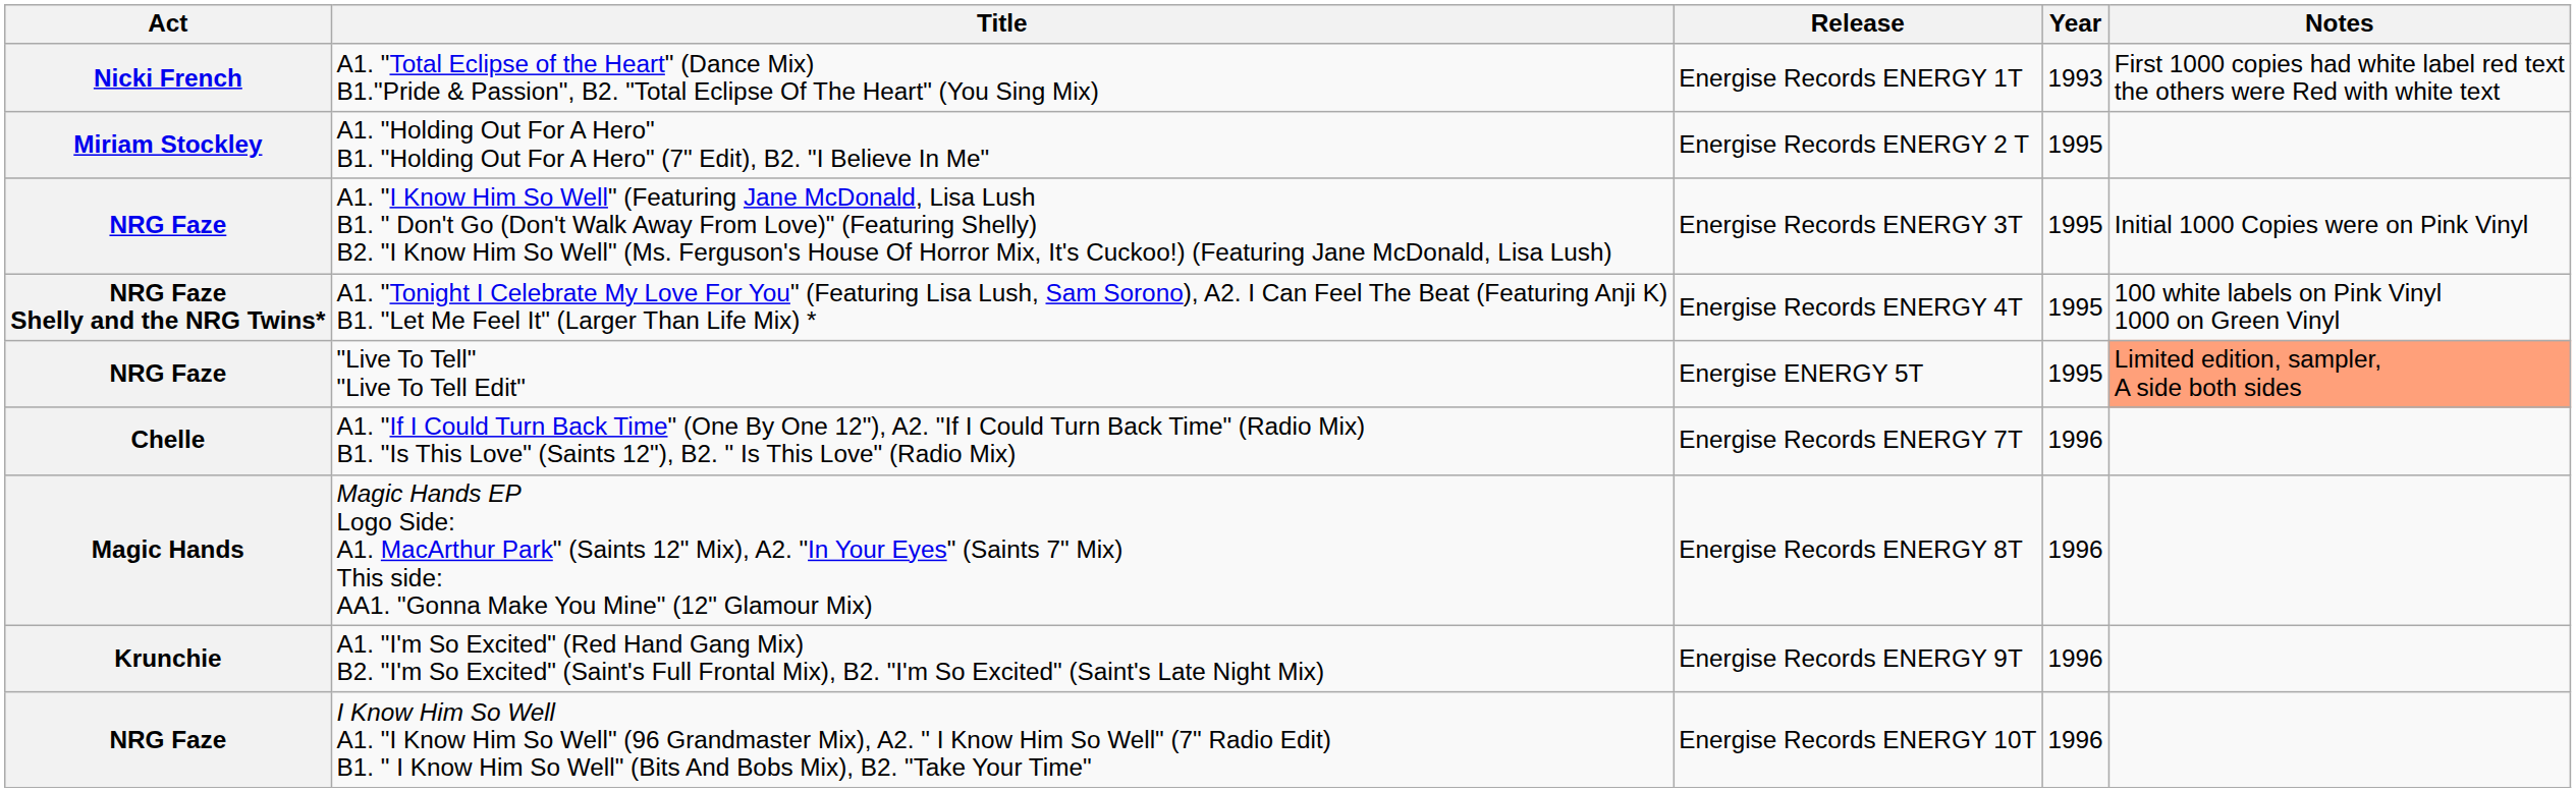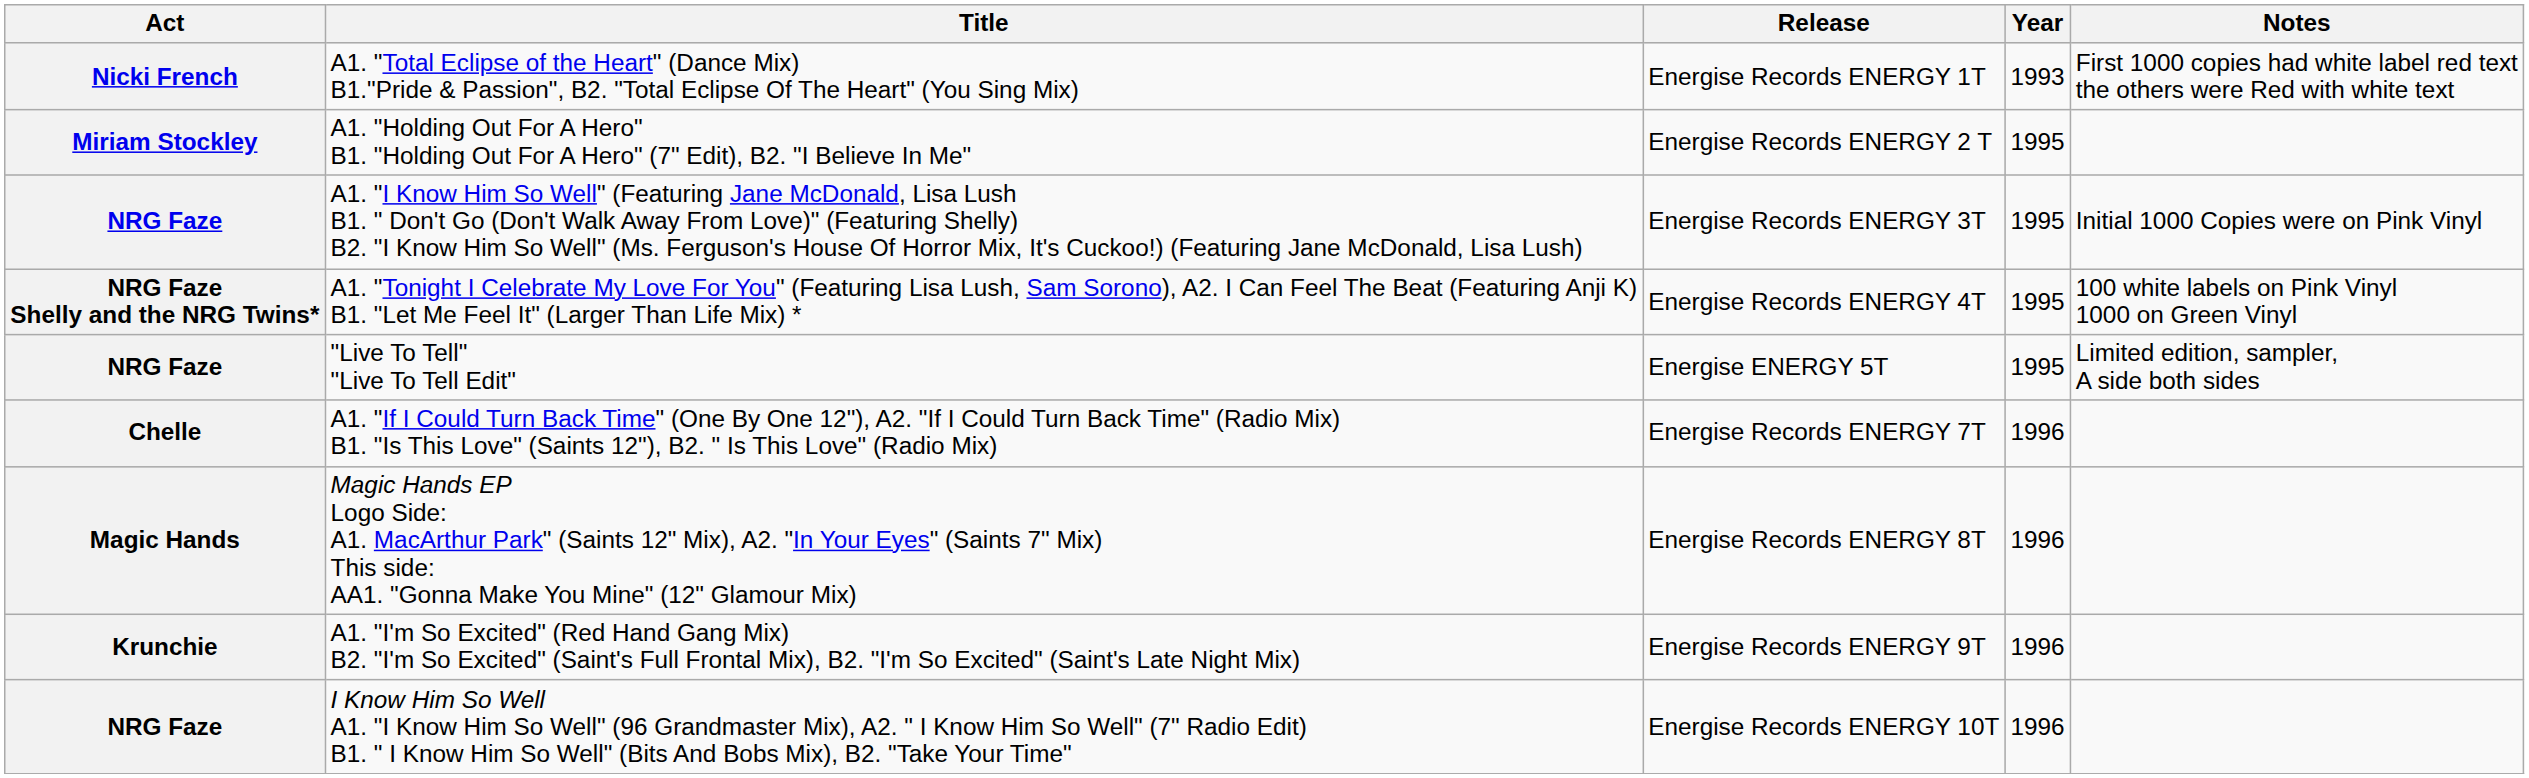 <table class="wikitable plainrowheaders sortable">
 <tr>
 <th scope="col">Act</th>
 <th scope="col">Title</th>
 <th scope="col">Release</th>
 <th scope="col">Year</th>
 <th scope="col" class="unsortable">Notes</th>
 </tr>
 <tr>
 <th scope="row"><a href='#'>Nicki French</a></th>
 <td>A1. "<a href='#'>Total Eclipse of the Heart</a>" (Dance Mix)<br>B1."Pride & Passion", B2. "Total Eclipse Of The Heart" (You Sing Mix)</td>
 <td>Energise Records ENERGY 1T</td>
 <td>1993</td>
 <td>First 1000 copies had white label red text<br>the others were Red with white text</td>
 </tr>
 <tr>
 <th scope="row"><a href='#'>Miriam Stockley</a></th>
 <td>A1. "Holding Out For A Hero"<br>B1. "Holding Out For A Hero" (7" Edit), B2. "I Believe In Me"</td>
 <td>Energise Records ENERGY 2 T</td>
 <td>1995</td>
 <td></td>
 </tr>
 <tr>
 <th scope="row"><a href='#'>NRG Faze</a></th>
 <td>A1. "<a href='#'>I Know Him So Well</a>" (Featuring <a href='#'>Jane McDonald</a>, Lisa Lush<br>B1. " Don't Go (Don't Walk Away From Love)" (Featuring Shelly)<br>B2. "I Know Him So Well" (Ms. Ferguson's House Of Horror Mix, It's Cuckoo!) (Featuring  Jane McDonald, Lisa Lush)</td>
 <td>Energise Records ENERGY 3T</td>
 <td>1995</td>
 <td>Initial 1000 Copies were on Pink Vinyl</td>
 </tr>
 <tr>
 <th scope="row">NRG Faze<br>Shelly and the NRG Twins*</th>
 <td>A1. "<a href='#'>Tonight I Celebrate My Love For You</a>" (Featuring Lisa Lush, <a href='#'>Sam Sorono</a>), A2.  I Can Feel The Beat (Featuring Anji K)<br>B1. "Let Me Feel It" (Larger Than Life Mix) *</td>
 <td>Energise Records  ENERGY 4T</td>
 <td>1995</td>
 <td>100 white labels on Pink Vinyl<br>1000 on Green Vinyl</td>
 </tr>
 <tr>
 <th scope="row">NRG Faze<br></th>
 <td>"Live To Tell"<br>"Live To Tell Edit"</td>
 <td>Energise ENERGY 5T</td>
 <td>1995</td>
-<td style="background: lightsalmon;">Limited edition, sampler,<br>A side both sides</td>
+<td>Limited edition, sampler,<br>A side both sides</td>
 </tr>
 <tr>
 <th scope="row">Chelle</th>
 <td>A1. "<a href='#'>If I Could Turn Back Time</a>" (One By One 12"), A2. "If I Could Turn Back Time" (Radio Mix)<br>B1. "Is This Love" (Saints 12"), B2. " Is This Love" (Radio Mix)</td>
 <td>Energise Records ENERGY 7T</td>
 <td>1996</td>
 <td></td>
 </tr>
 <tr>
 <th scope="row">Magic Hands</th>
 <td><em>Magic Hands EP</em><br>Logo Side:<br>A1. <a href='#'>MacArthur Park</a>" (Saints 12" Mix), A2. "<a href='#'>In Your Eyes</a>" (Saints 7" Mix)<br>This side:<br>AA1. "Gonna Make You Mine" (12" Glamour Mix)</td>
 <td>Energise Records  ENERGY 8T</td>
 <td>1996</td>
 <td></td>
 </tr>
 <tr>
 <th scope="row">Krunchie</th>
 <td>A1. "I'm So Excited" (Red Hand Gang Mix)<br>B2. "I'm So Excited" (Saint's Full Frontal Mix), B2. "I'm So Excited" (Saint's Late Night Mix)</td>
 <td>Energise Records  ENERGY 9T</td>
 <td>1996</td>
 <td></td>
 </tr>
 <tr>
 <th scope="row">NRG Faze</th>
 <td><em>I Know Him So Well</em><br>A1. "I Know Him So Well" (96 Grandmaster Mix), A2. " I Know Him So Well" (7" Radio Edit)<br>B1. " I Know Him So Well" (Bits And Bobs Mix), B2. "Take Your Time"</td>
 <td>Energise Records ENERGY 10T</td>
 <td>1996</td>
 <td></td>
 </tr>
 <tr>
 </tr>
 </table>
